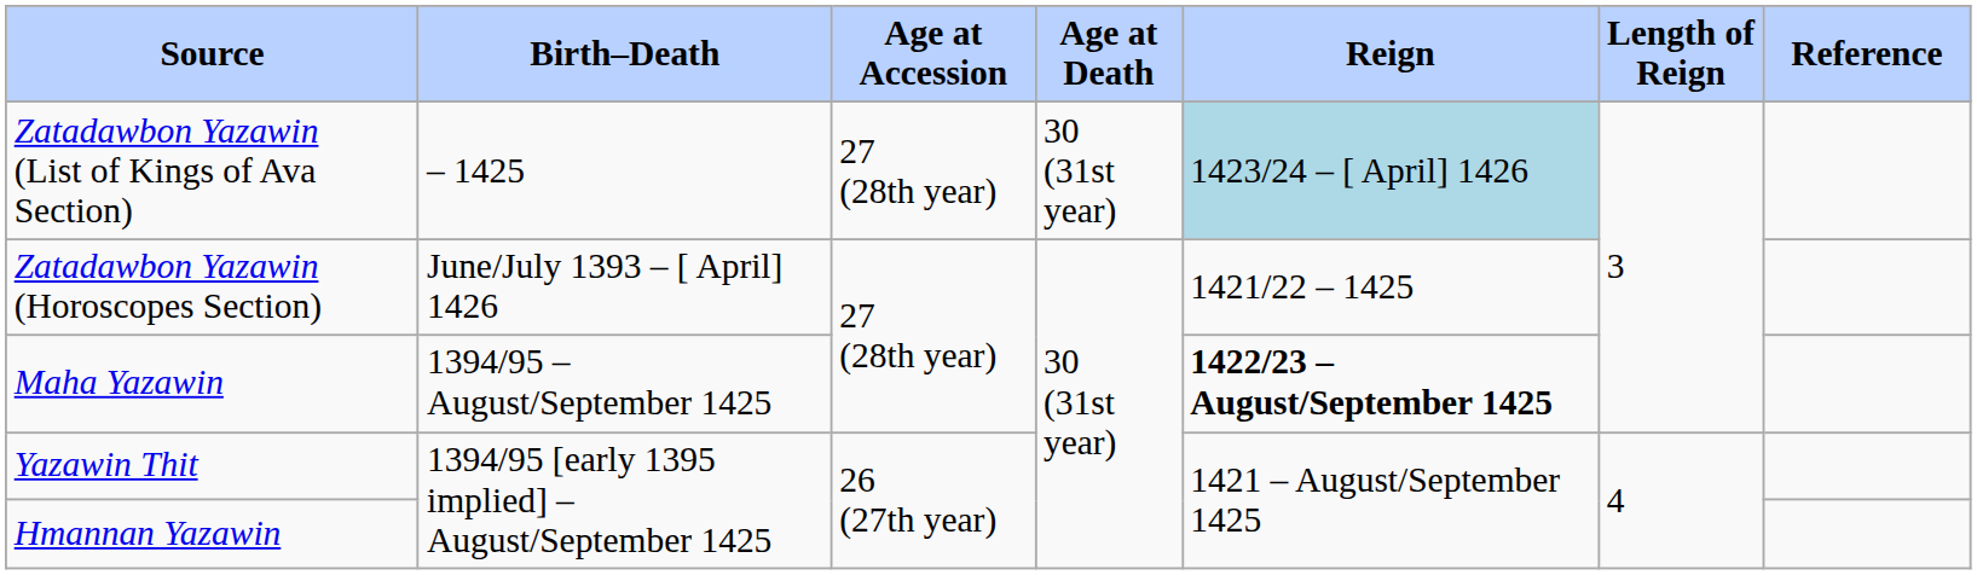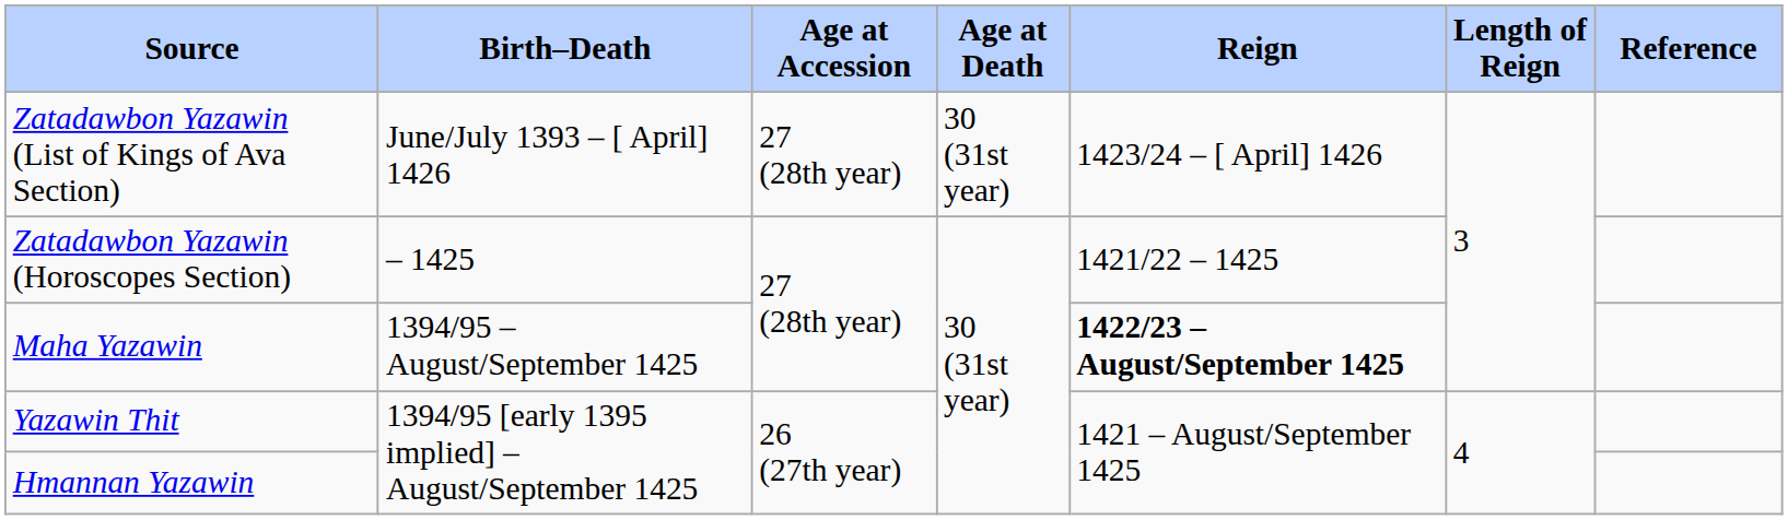 <table width=100% class="wikitable">
 <tr>
 <th style="background-color:#B9D1FF" width=15%>Source</th>
 <th style="background-color:#B9D1FF" width=15%>Birth–Death</th>
 <th style="background-color:#B9D1FF" width=5%>Age at Accession</th>
 <th style="background-color:#B9D1FF" width=5%>Age at Death</th>
 <th style="background-color:#B9D1FF" width=15%>Reign</th>
 <th style="background-color:#B9D1FF" width=5%>Length of Reign</th>
 <th style="background-color:#B9D1FF" width=5%>Reference</th>
 </tr>
 <tr>
 <td><em><a href='#'>Zatadawbon Yazawin</a></em> <br> (List of Kings of Ava Section)</td>
-<td> – 1425</td>
+<td>June/July 1393  – [ April] 1426 </td>
 <td>27 <br> (28th year) </td>
 <td>30 <br> (31st year) </td>
-<td style="background: lightblue;">1423/24  – [ April] 1426 </td>
+<td>1423/24  – [ April] 1426 </td>
 <td rowspan="3">3</td>
 <td></td>
 </tr>
 <tr>
 <td><em><a href='#'>Zatadawbon Yazawin</a></em> <br> (Horoscopes Section)</td>
-<td>June/July 1393  – [ April] 1426 </td>
+<td> – 1425</td>
 <td rowspan="2">27 <br> (28th year)</td>
 <td rowspan="4">30 <br> (31st year)</td>
 <td>1421/22 – 1425</td>
 <td></td>
 </tr>
 <tr>
 <td><em><a href='#'>Maha Yazawin</a></em></td>
 <td> 1394/95 – August/September 1425</td>
 <td><strong>1422/23 – August/September 1425</strong></td>
 <td></td>
 </tr>
 <tr>
 <td><em><a href='#'>Yazawin Thit</a></em></td>
 <td rowspan="2">1394/95 [early 1395 implied] – August/September 1425</td>
 <td rowspan="2">26 <br> (27th year)</td>
 <td rowspan="2">1421 – August/September 1425</td>
 <td rowspan="2">4</td>
 <td></td>
 </tr>
 <tr>
 <td><em><a href='#'>Hmannan Yazawin</a></em></td>
 <td></td>
 </tr>
 </table>
